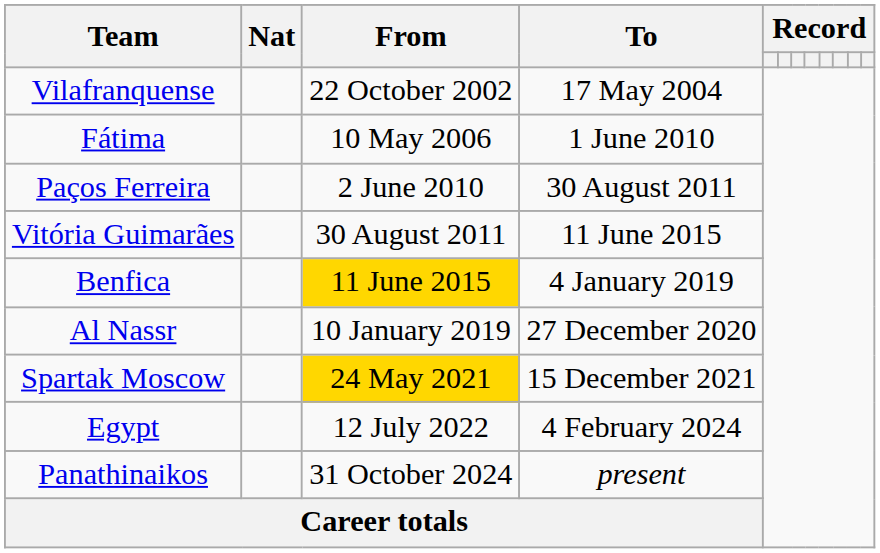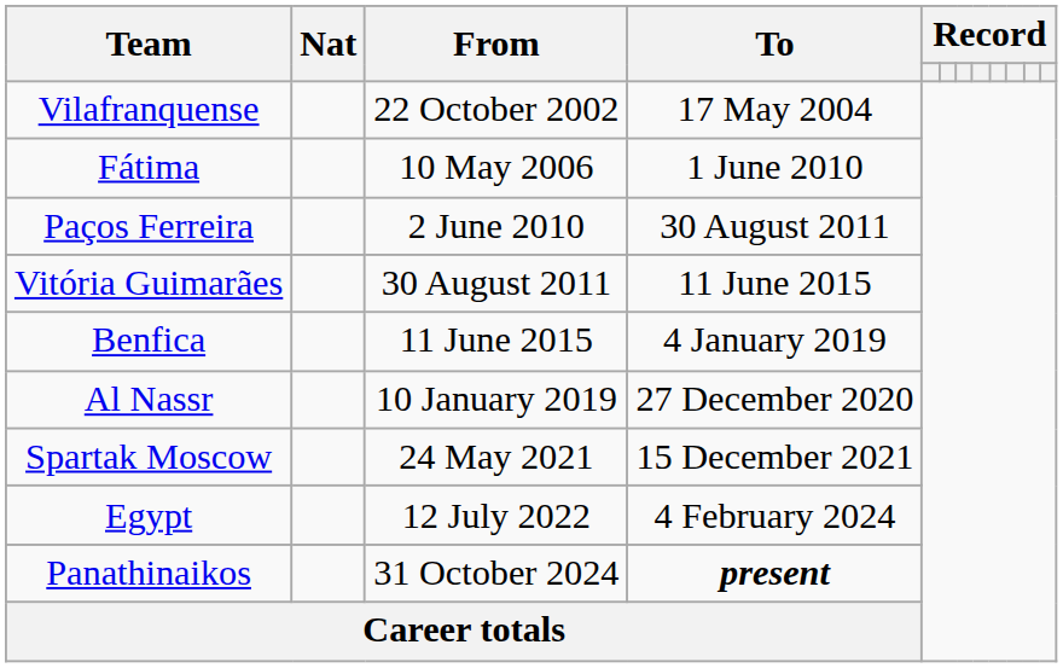 <table class="wikitable" style="text-align: center">
 <tr>
 <th rowspan=2>Team</th>
 <th rowspan=2>Nat</th>
 <th rowspan=2>From</th>
 <th rowspan=2>To</th>
 <th colspan=9>Record</th>
 </tr>
 <tr>
 <th></th>
 <th></th>
 <th></th>
 <th></th>
 <th></th>
 <th></th>
 <th></th>
 <th></th>
 </tr>
 <tr>
 <td><a href='#'>Vilafranquense</a></td>
 <td></td>
 <td>22 October 2002</td>
 <td>17 May 2004<br></td>
 </tr>
 <tr>
 <td><a href='#'>Fátima</a></td>
 <td></td>
 <td>10 May 2006</td>
 <td>1 June 2010<br></td>
 </tr>
 <tr>
 <td><a href='#'>Paços Ferreira</a></td>
 <td></td>
 <td>2 June 2010</td>
 <td>30 August 2011<br></td>
 </tr>
 <tr>
 <td><a href='#'>Vitória Guimarães</a></td>
 <td></td>
 <td>30 August 2011</td>
 <td>11 June 2015<br></td>
 </tr>
 <tr>
 <td><a href='#'>Benfica</a></td>
 <td></td>
-<td style="background: gold;">11 June 2015</td>
+<td>11 June 2015</td>
 <td>4 January 2019<br></td>
 </tr>
 <tr>
 <td><a href='#'>Al Nassr</a></td>
 <td></td>
 <td>10 January 2019</td>
 <td>27 December 2020<br></td>
 </tr>
 <tr>
 <td><a href='#'>Spartak Moscow</a></td>
 <td></td>
-<td style="background: gold;">24 May 2021</td>
+<td>24 May 2021</td>
 <td>15 December 2021<br></td>
 </tr>
 <tr>
 <td><a href='#'>Egypt</a></td>
 <td></td>
 <td>12 July 2022</td>
 <td>4 February 2024<br></td>
 </tr>
 <tr>
 <td><a href='#'>Panathinaikos</a></td>
 <td></td>
 <td>31 October 2024</td>
-<td><em>present</em><br></td>
+<td><strong><em>present</em><br></strong></td>
 </tr>
 <tr>
 <th colspan=4>Career totals<br></th>
 </tr>
 </table>
